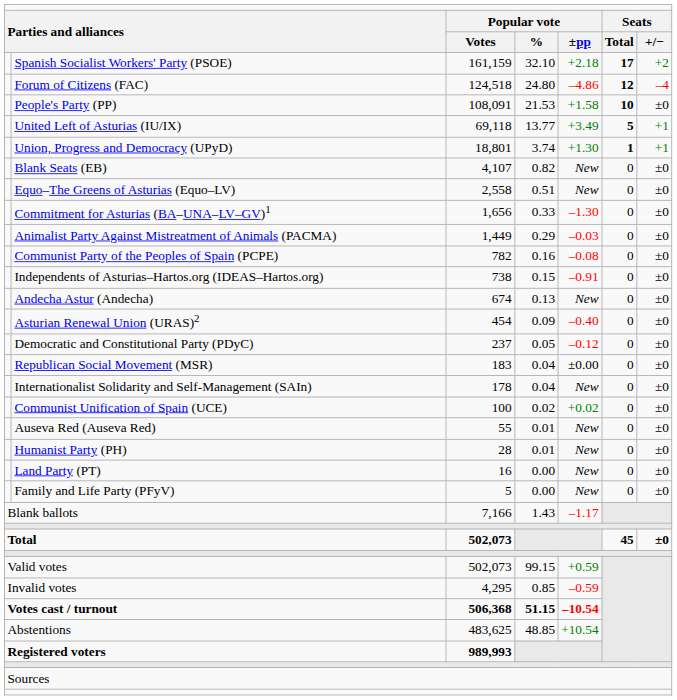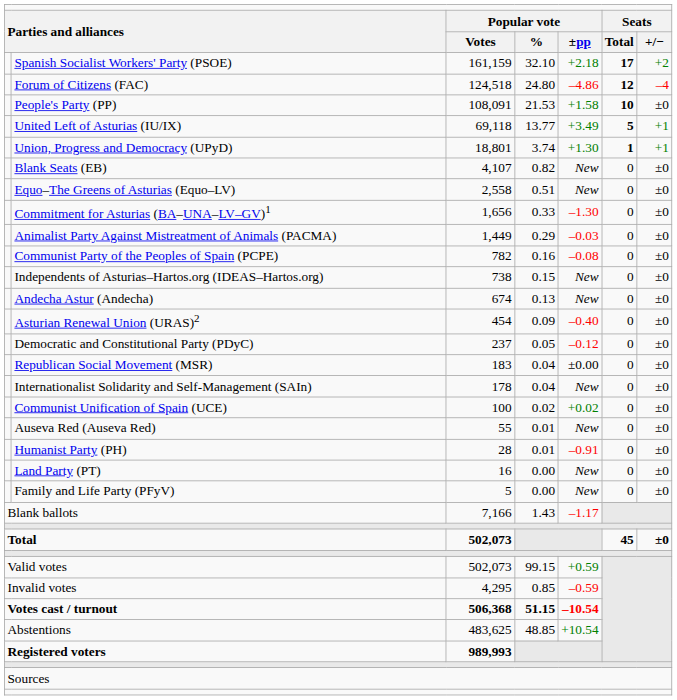 <table class="wikitable" style="text-align:right;">
 <tr>
 <td colspan="7"></td>
 </tr>
 <tr>
 <th style="text-align:left;" rowspan="2" colspan="2" width="525">Parties and alliances</th>
 <th colspan="3">Popular vote</th>
 <th colspan="2">Seats</th>
 </tr>
 <tr>
 <th width="75">Votes</th>
 <th width="45">%</th>
 <th width="45">±<a href='#'>pp</a></th>
 <th width="35">Total</th>
 <th width="35">+/−</th>
 </tr>
 <tr>
 <td width="1" style="color:inherit;background:"></td>
 <td align="left"><a href='#'>Spanish Socialist Workers' Party</a> (PSOE)</td>
 <td>161,159</td>
 <td>32.10</td>
 <td style="color:green;">+2.18</td>
 <td><strong>17</strong></td>
 <td style="color:green;">+2</td>
 </tr>
 <tr>
 <td style="color:inherit;background:"></td>
 <td align="left"><a href='#'>Forum of Citizens</a> (FAC)</td>
 <td>124,518</td>
 <td>24.80</td>
 <td style="color:red;">–4.86</td>
 <td><strong>12</strong></td>
 <td style="color:red;">–4</td>
 </tr>
 <tr>
 <td style="color:inherit;background:"></td>
 <td align="left"><a href='#'>People's Party</a> (PP)</td>
 <td>108,091</td>
 <td>21.53</td>
 <td style="color:green;">+1.58</td>
 <td><strong>10</strong></td>
 <td>±0</td>
 </tr>
 <tr>
 <td style="color:inherit;background:"></td>
 <td align="left"><a href='#'>United Left of Asturias</a> (IU/IX)</td>
 <td>69,118</td>
 <td>13.77</td>
 <td style="color:green;">+3.49</td>
 <td><strong>5</strong></td>
 <td style="color:green;">+1</td>
 </tr>
 <tr>
 <td style="color:inherit;background:"></td>
 <td align="left"><a href='#'>Union, Progress and Democracy</a> (UPyD)</td>
 <td>18,801</td>
 <td>3.74</td>
 <td style="color:green;">+1.30</td>
 <td><strong>1</strong></td>
 <td style="color:green;">+1</td>
 </tr>
 <tr>
 <td style="color:inherit;background:"></td>
 <td align="left"><a href='#'>Blank Seats</a> (EB)</td>
 <td>4,107</td>
 <td>0.82</td>
 <td><em>New</em></td>
 <td>0</td>
 <td>±0</td>
 </tr>
 <tr>
 <td style="color:inherit;background:"></td>
 <td align="left"><a href='#'>Equo</a>–<a href='#'>The Greens of Asturias</a> (Equo–LV)</td>
 <td>2,558</td>
 <td>0.51</td>
 <td><em>New</em></td>
 <td>0</td>
 <td>±0</td>
 </tr>
 <tr>
 <td style="color:inherit;background:"></td>
 <td align="left"><a href='#'>Commitment for Asturias</a> (<a href='#'>BA</a>–<a href='#'>UNA</a>–<a href='#'>LV–GV</a>)<sup>1</sup></td>
 <td>1,656</td>
 <td>0.33</td>
 <td style="color:red;">–1.30</td>
 <td>0</td>
 <td>±0</td>
 </tr>
 <tr>
 <td style="color:inherit;background:"></td>
 <td align="left"><a href='#'>Animalist Party Against Mistreatment of Animals</a> (PACMA)</td>
 <td>1,449</td>
 <td>0.29</td>
 <td style="color:red;">–0.03</td>
 <td>0</td>
 <td>±0</td>
 </tr>
 <tr>
 <td style="color:inherit;background:"></td>
 <td align="left"><a href='#'>Communist Party of the Peoples of Spain</a> (PCPE)</td>
 <td>782</td>
 <td>0.16</td>
 <td style="color:red;">–0.08</td>
 <td>0</td>
 <td>±0</td>
 </tr>
 <tr>
 <td style="color:inherit;background:"></td>
 <td align="left">Independents of Asturias–Hartos.org (IDEAS–Hartos.org)</td>
 <td>738</td>
 <td>0.15</td>
-<td style="color:red;">–0.91</td>
+<td><em>New</em></td>
 <td>0</td>
 <td>±0</td>
 </tr>
 <tr>
 <td style="color:inherit;background:"></td>
 <td align="left"><a href='#'>Andecha Astur</a> (Andecha)</td>
 <td>674</td>
 <td>0.13</td>
 <td><em>New</em></td>
 <td>0</td>
 <td>±0</td>
 </tr>
 <tr>
 <td style="color:inherit;background:"></td>
 <td align="left"><a href='#'>Asturian Renewal Union</a> (URAS)<sup>2</sup></td>
 <td>454</td>
 <td>0.09</td>
 <td style="color:red;">–0.40</td>
 <td>0</td>
 <td>±0</td>
 </tr>
 <tr>
 <td style="color:inherit;background:"></td>
 <td align="left">Democratic and Constitutional Party (PDyC)</td>
 <td>237</td>
 <td>0.05</td>
 <td style="color:red;">–0.12</td>
 <td>0</td>
 <td>±0</td>
 </tr>
 <tr>
 <td style="color:inherit;background:"></td>
 <td align="left"><a href='#'>Republican Social Movement</a> (MSR)</td>
 <td>183</td>
 <td>0.04</td>
 <td>±0.00</td>
 <td>0</td>
 <td>±0</td>
 </tr>
 <tr>
 <td style="color:inherit;background:"></td>
 <td align="left">Internationalist Solidarity and Self-Management (SAIn)</td>
 <td>178</td>
 <td>0.04</td>
 <td><em>New</em></td>
 <td>0</td>
 <td>±0</td>
 </tr>
 <tr>
 <td style="color:inherit;background:"></td>
 <td align="left"><a href='#'>Communist Unification of Spain</a> (UCE)</td>
 <td>100</td>
 <td>0.02</td>
 <td style="color:green;">+0.02</td>
 <td>0</td>
 <td>±0</td>
 </tr>
 <tr>
 <td style="color:inherit;background:"></td>
 <td align="left">Auseva Red (Auseva Red)</td>
 <td>55</td>
 <td>0.01</td>
 <td><em>New</em></td>
 <td>0</td>
 <td>±0</td>
 </tr>
 <tr>
 <td style="color:inherit;background:"></td>
 <td align="left"><a href='#'>Humanist Party</a> (PH)</td>
 <td>28</td>
 <td>0.01</td>
-<td><em>New</em></td>
+<td style="color:red;">–0.91</td>
 <td>0</td>
 <td>±0</td>
 </tr>
 <tr>
 <td style="color:inherit;background:"></td>
 <td align="left"><a href='#'>Land Party</a> (PT)</td>
 <td>16</td>
 <td>0.00</td>
 <td><em>New</em></td>
 <td>0</td>
 <td>±0</td>
 </tr>
 <tr>
 <td style="color:inherit;background:"></td>
 <td align="left">Family and Life Party (PFyV)</td>
 <td>5</td>
 <td>0.00</td>
 <td><em>New</em></td>
 <td>0</td>
 <td>±0</td>
 </tr>
 <tr>
 <td align="left" colspan="2">Blank ballots</td>
 <td>7,166</td>
 <td>1.43</td>
 <td style="color:red;">–1.17</td>
 <td bgcolor="#E9E9E9" colspan="2"></td>
 </tr>
 <tr>
 <td colspan="7" bgcolor="#E9E9E9"></td>
 </tr>
 <tr style="font-weight:bold;">
 <td align="left" colspan="2">Total</td>
 <td>502,073</td>
 <td bgcolor="#E9E9E9" colspan="2"></td>
 <td>45</td>
 <td>±0</td>
 </tr>
 <tr>
 <td colspan="7" bgcolor="#E9E9E9"></td>
 </tr>
 <tr>
 <td align="left" colspan="2">Valid votes</td>
 <td>502,073</td>
 <td>99.15</td>
 <td style="color:green;">+0.59</td>
 <td bgcolor="#E9E9E9" colspan="2" rowspan="5"></td>
 </tr>
 <tr>
 <td align="left" colspan="2">Invalid votes</td>
 <td>4,295</td>
 <td>0.85</td>
 <td style="color:red;">–0.59</td>
 </tr>
 <tr style="font-weight:bold;">
 <td align="left" colspan="2">Votes cast / turnout</td>
 <td>506,368</td>
 <td>51.15</td>
 <td style="color:red;">–10.54</td>
 </tr>
 <tr>
 <td align="left" colspan="2">Abstentions</td>
 <td>483,625</td>
 <td>48.85</td>
 <td style="color:green;">+10.54</td>
 </tr>
 <tr style="font-weight:bold;">
 <td align="left" colspan="2">Registered voters</td>
 <td>989,993</td>
 <td bgcolor="#E9E9E9" colspan="2"></td>
 </tr>
 <tr>
 <td colspan="7" bgcolor="#E9E9E9"></td>
 </tr>
 <tr>
 <td align="left" colspan="7">Sources</td>
 </tr>
 <tr>
 <td colspan="7" style="text-align:left; max-width:790px;"></td>
 </tr>
 </table>
